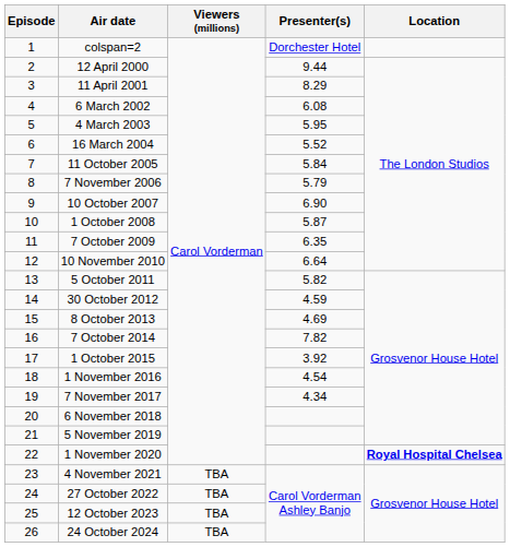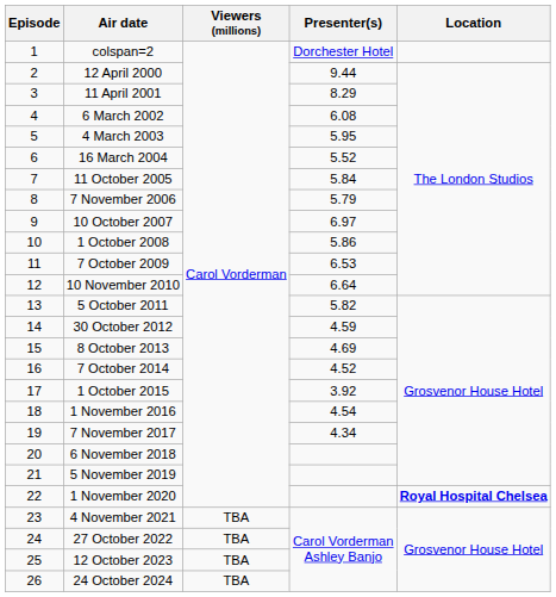 <table class="wikitable" style="text-align:center;">
 <tr>
 <th>Episode</th>
 <th>Air date</th>
 <th>Viewers<br><small>(millions)</small></th>
 <th>Presenter(s)</th>
 <th>Location</th>
 </tr>
 <tr>
 <td>1</td>
 <td>colspan=2 </td>
 <td rowspan="22"><a href='#'>Carol Vorderman</a></td>
 <td><a href='#'>Dorchester Hotel</a></td>
 </tr>
 <tr>
 <td>2</td>
 <td>12 April 2000</td>
 <td>9.44</td>
 <td rowspan=11><a href='#'>The London Studios</a></td>
 </tr>
 <tr>
 <td>3</td>
 <td>11 April 2001</td>
 <td>8.29</td>
 </tr>
 <tr>
 <td>4</td>
 <td>6 March 2002</td>
 <td>6.08</td>
 </tr>
 <tr>
 <td>5</td>
 <td>4 March 2003</td>
 <td>5.95</td>
 </tr>
 <tr>
 <td>6</td>
 <td>16 March 2004</td>
 <td>5.52</td>
 </tr>
 <tr>
 <td>7</td>
 <td>11 October 2005</td>
 <td>5.84</td>
 </tr>
 <tr>
 <td>8</td>
 <td>7 November 2006</td>
 <td>5.79</td>
 </tr>
 <tr>
 <td>9</td>
 <td>10 October 2007</td>
-<td>6.90</td>
+<td>6.97</td>
 </tr>
 <tr>
 <td>10</td>
 <td>1 October 2008</td>
-<td>5.87</td>
+<td>5.86</td>
 </tr>
 <tr>
 <td>11</td>
 <td>7 October 2009</td>
-<td>6.35</td>
+<td>6.53</td>
 </tr>
 <tr>
 <td>12</td>
 <td>10 November 2010</td>
 <td>6.64</td>
 </tr>
 <tr>
 <td>13</td>
 <td>5 October 2011</td>
 <td>5.82</td>
 <td rowspan=9><a href='#'>Grosvenor House Hotel</a></td>
 </tr>
 <tr>
 <td>14</td>
 <td>30 October 2012</td>
 <td>4.59</td>
 </tr>
 <tr>
 <td>15</td>
 <td>8 October 2013</td>
 <td>4.69</td>
 </tr>
 <tr>
 <td>16</td>
 <td>7 October 2014</td>
-<td>7.82</td>
+<td>4.52</td>
 </tr>
 <tr>
 <td>17</td>
 <td>1 October 2015</td>
 <td>3.92</td>
 </tr>
 <tr>
 <td>18</td>
 <td>1 November 2016</td>
 <td>4.54</td>
 </tr>
 <tr>
 <td>19</td>
 <td>7 November 2017</td>
 <td>4.34</td>
 </tr>
 <tr>
 <td>20</td>
 <td>6 November 2018</td>
 <td></td>
 </tr>
 <tr>
 <td>21</td>
 <td>5 November 2019</td>
 <td></td>
 </tr>
 <tr>
 <td>22</td>
 <td>1 November 2020</td>
 <td></td>
 <td><strong><a href='#'>Royal Hospital Chelsea</a></strong></td>
 </tr>
 <tr>
 <td>23</td>
 <td>4 November 2021</td>
 <td>TBA</td>
 <td rowspan=4><a href='#'>Carol Vorderman</a><br><a href='#'>Ashley Banjo</a></td>
 <td rowspan=4><a href='#'>Grosvenor House Hotel</a></td>
 </tr>
 <tr>
 <td>24</td>
 <td>27 October 2022</td>
 <td>TBA</td>
 </tr>
 <tr>
 <td>25</td>
 <td>12 October 2023</td>
 <td>TBA</td>
 </tr>
 <tr>
 <td>26</td>
 <td>24 October 2024</td>
 <td>TBA</td>
 </tr>
 </table>
